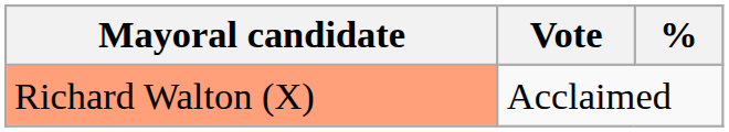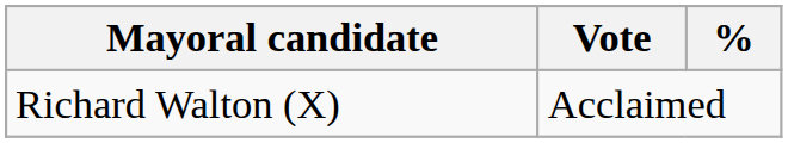 <table class="wikitable">
 <tr>
 <th bgcolor="#DDDDFF" width="200px">Mayoral candidate</th>
 <th bgcolor="#DDDDFF" width="50px">Vote</th>
 <th bgcolor="#DDDDFF" width="30px">%</th>
 </tr>
 <tr>
-<td style="background: lightsalmon;">Richard Walton (X)</td>
+<td>Richard Walton (X)</td>
 <td colspan="2">Acclaimed</td>
 </tr>
 </table>
